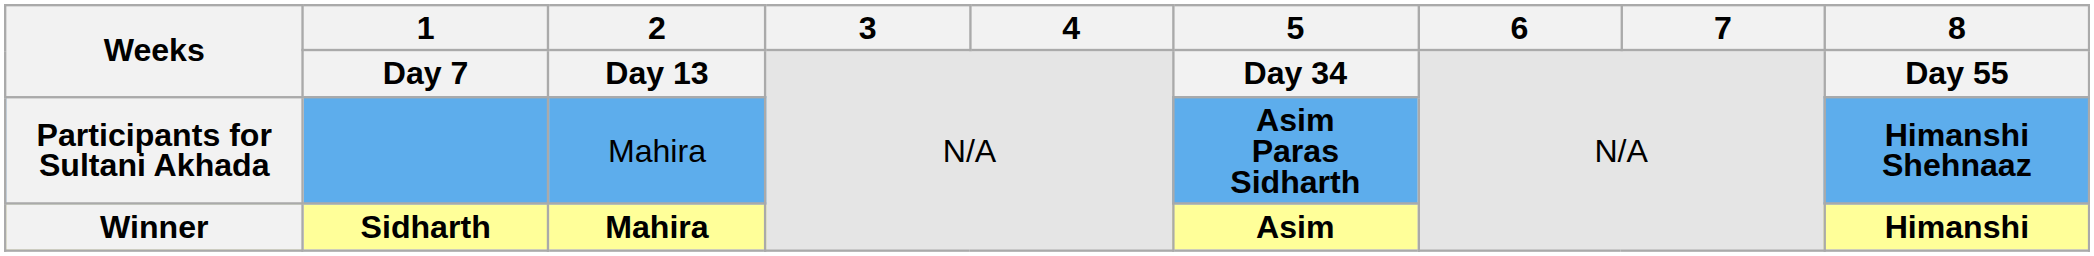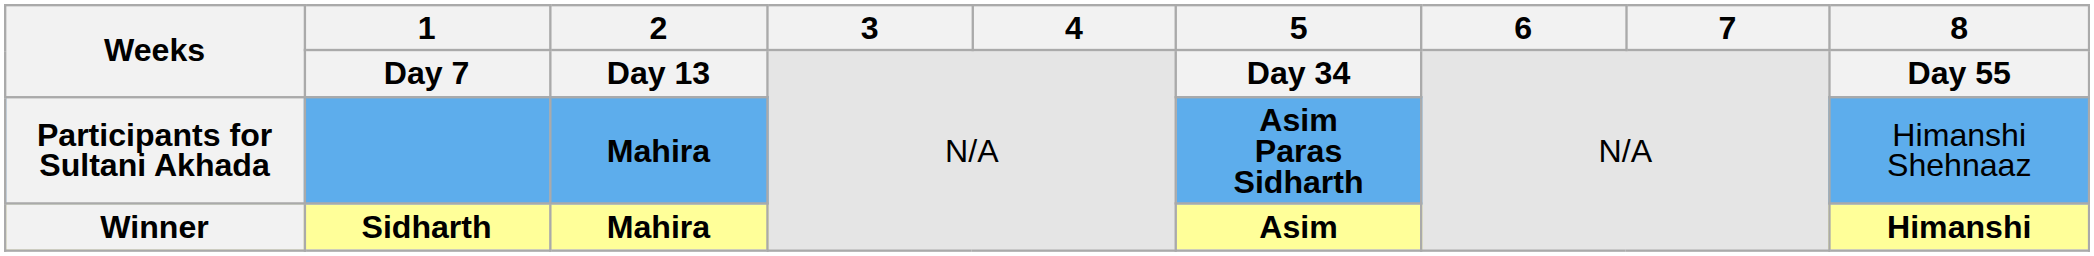 <table class="wikitable" style="text-align:center; width:100%; font-size:85%; font-family: sans-serif; line-height:13px;">
 <tr>
 <th rowspan="2" style="width: 5%;">Weeks</th>
 <th style="width: 5%;">1</th>
 <th style="width: 5%;">2</th>
 <th style="width: 5%;">3</th>
 <th style="width: 5%;">4</th>
 <th style="width: 5%;">5</th>
 <th style="width: 5%;">6</th>
 <th style="width: 5%;">7</th>
 <th style="width: 5%;">8</th>
 </tr>
 <tr>
 <th style="width: 5%;">Day 7</th>
 <th style="width: 5%;">Day 13</th>
 <td rowspan="3" colspan="2" style="background:#E5E5E5;">N/A</td>
 <th style="width: 5%;">Day 34</th>
 <td rowspan="3" colspan="2" style="background:#E5E5E5;">N/A</td>
 <th style="width: 5%;">Day 55</th>
 </tr>
 <tr style="background:#5DADEC;" |>
 <th>Participants for Sultani Akhada</th>
 <td></td>
-<td>Mahira<br></td>
+<td><strong>Mahira<br></strong></td>
 <td><strong>Asim<br>Paras<br>Sidharth</strong></td>
-<td><strong>Himanshi<br>Shehnaaz</strong></td>
+<td>Himanshi<br>Shehnaaz</td>
 </tr>
 <tr style="background:#FFFF99;" |>
 <th>Winner</th>
 <td><strong>Sidharth</strong></td>
 <td><strong>Mahira</strong></td>
 <td><strong>Asim</strong></td>
 <td><strong>Himanshi</strong></td>
 </tr>
 </table>
